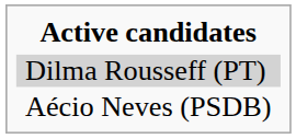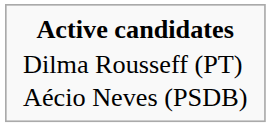 <table style="float; margin-left: 1em; margin-bottom: 0.5em" class="infobox">
 <tr>
 <td style="text-align: center"><span><strong>Active candidates</strong></span></td>
 </tr>
 <tr>
-<td style="background: lightgrey; padding: 0 5px;"> Dilma Rousseff (PT)</td>
+<td style="padding: 0 5px;"> Dilma Rousseff (PT)</td>
 </tr>
 <tr>
 <td style="padding: 0 5px;"> Aécio Neves (PSDB)</td>
 </tr>
 </table>
